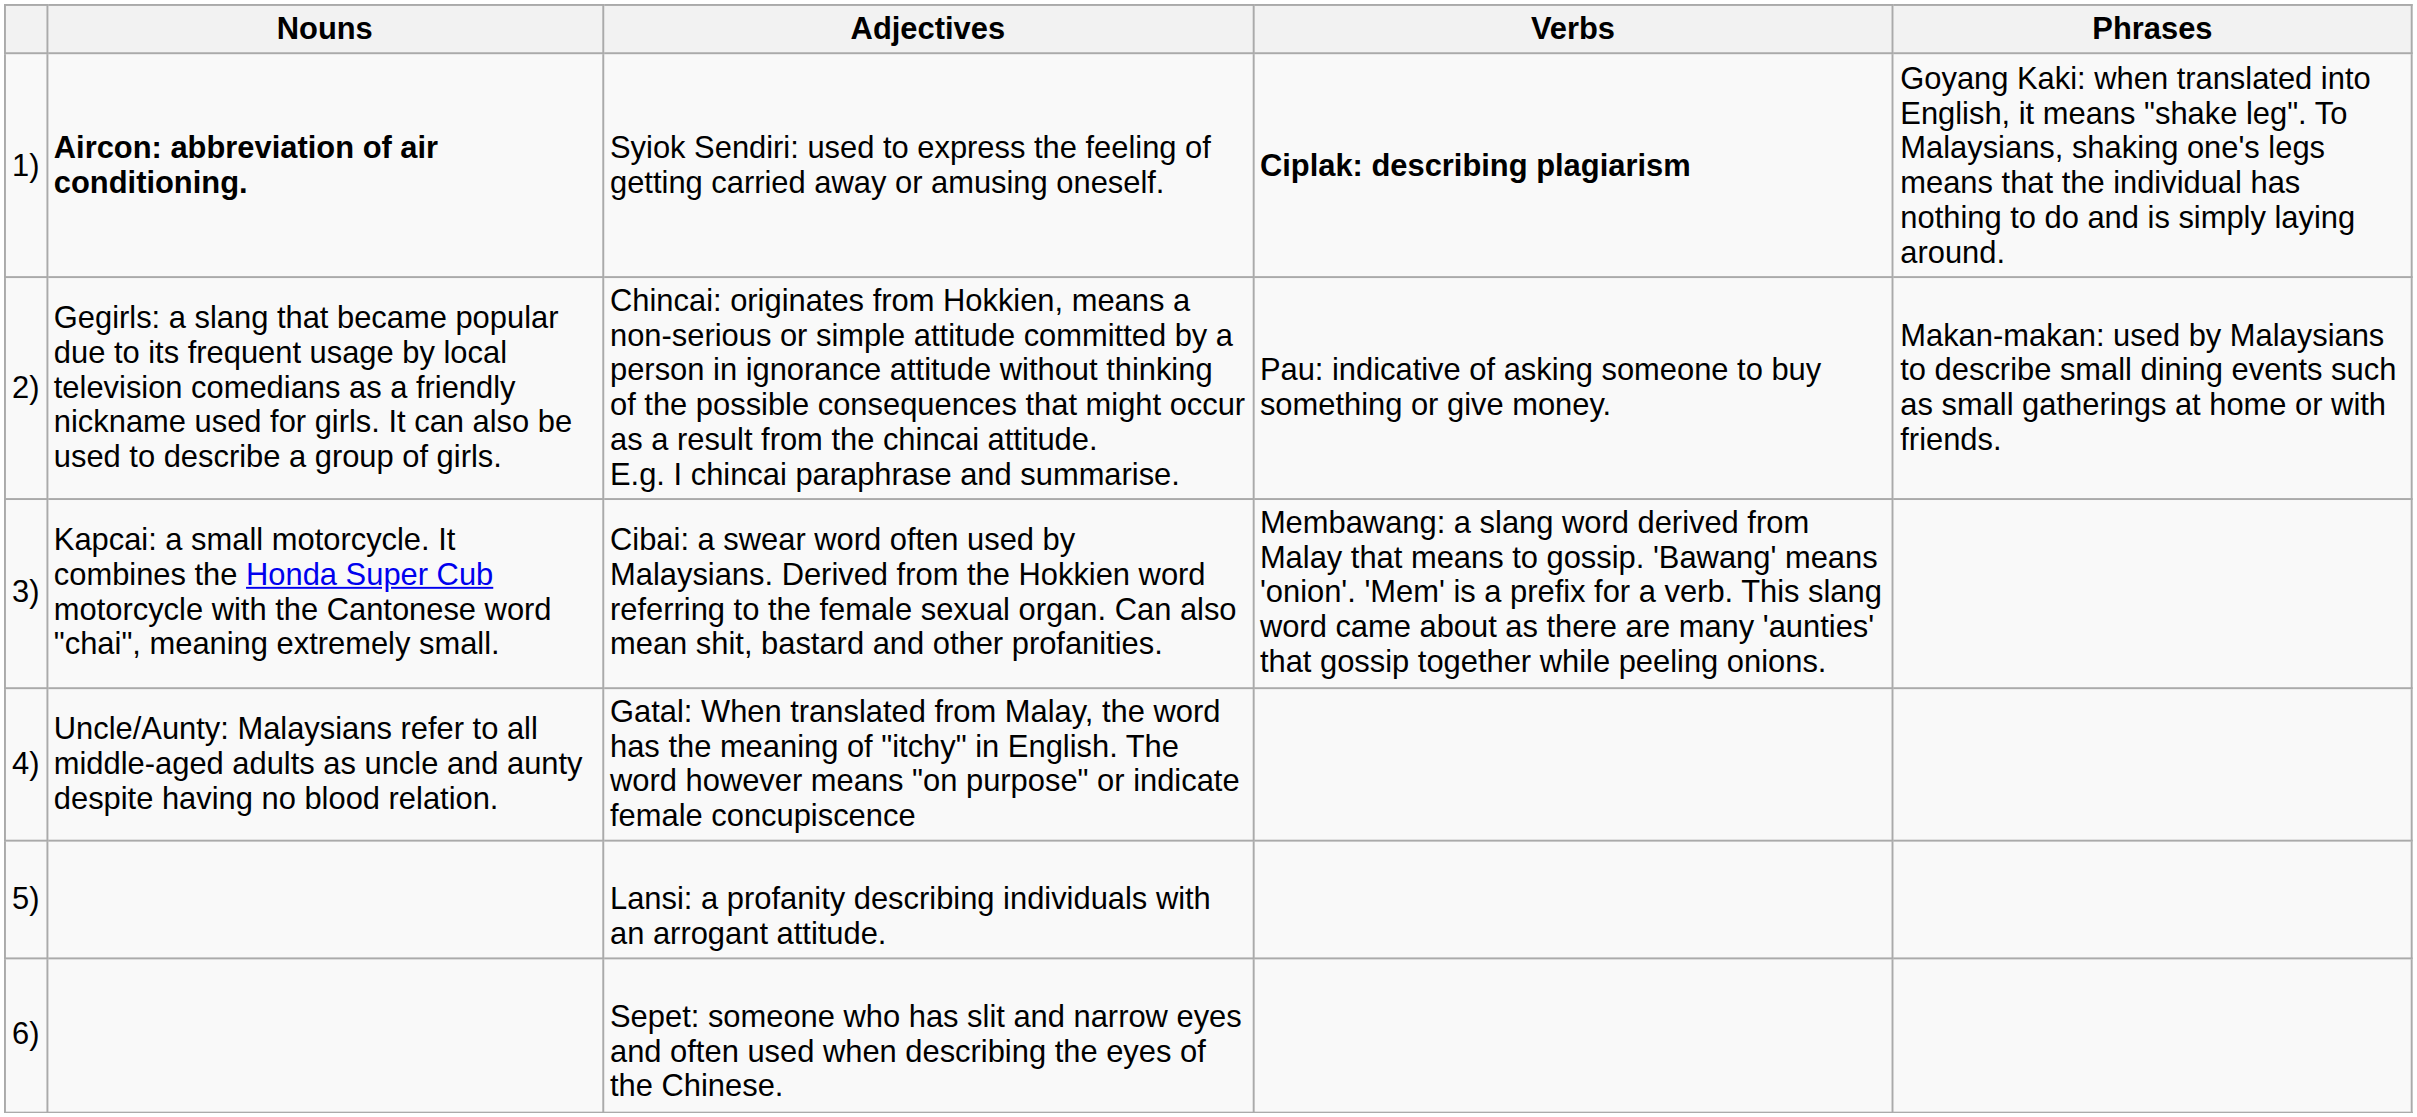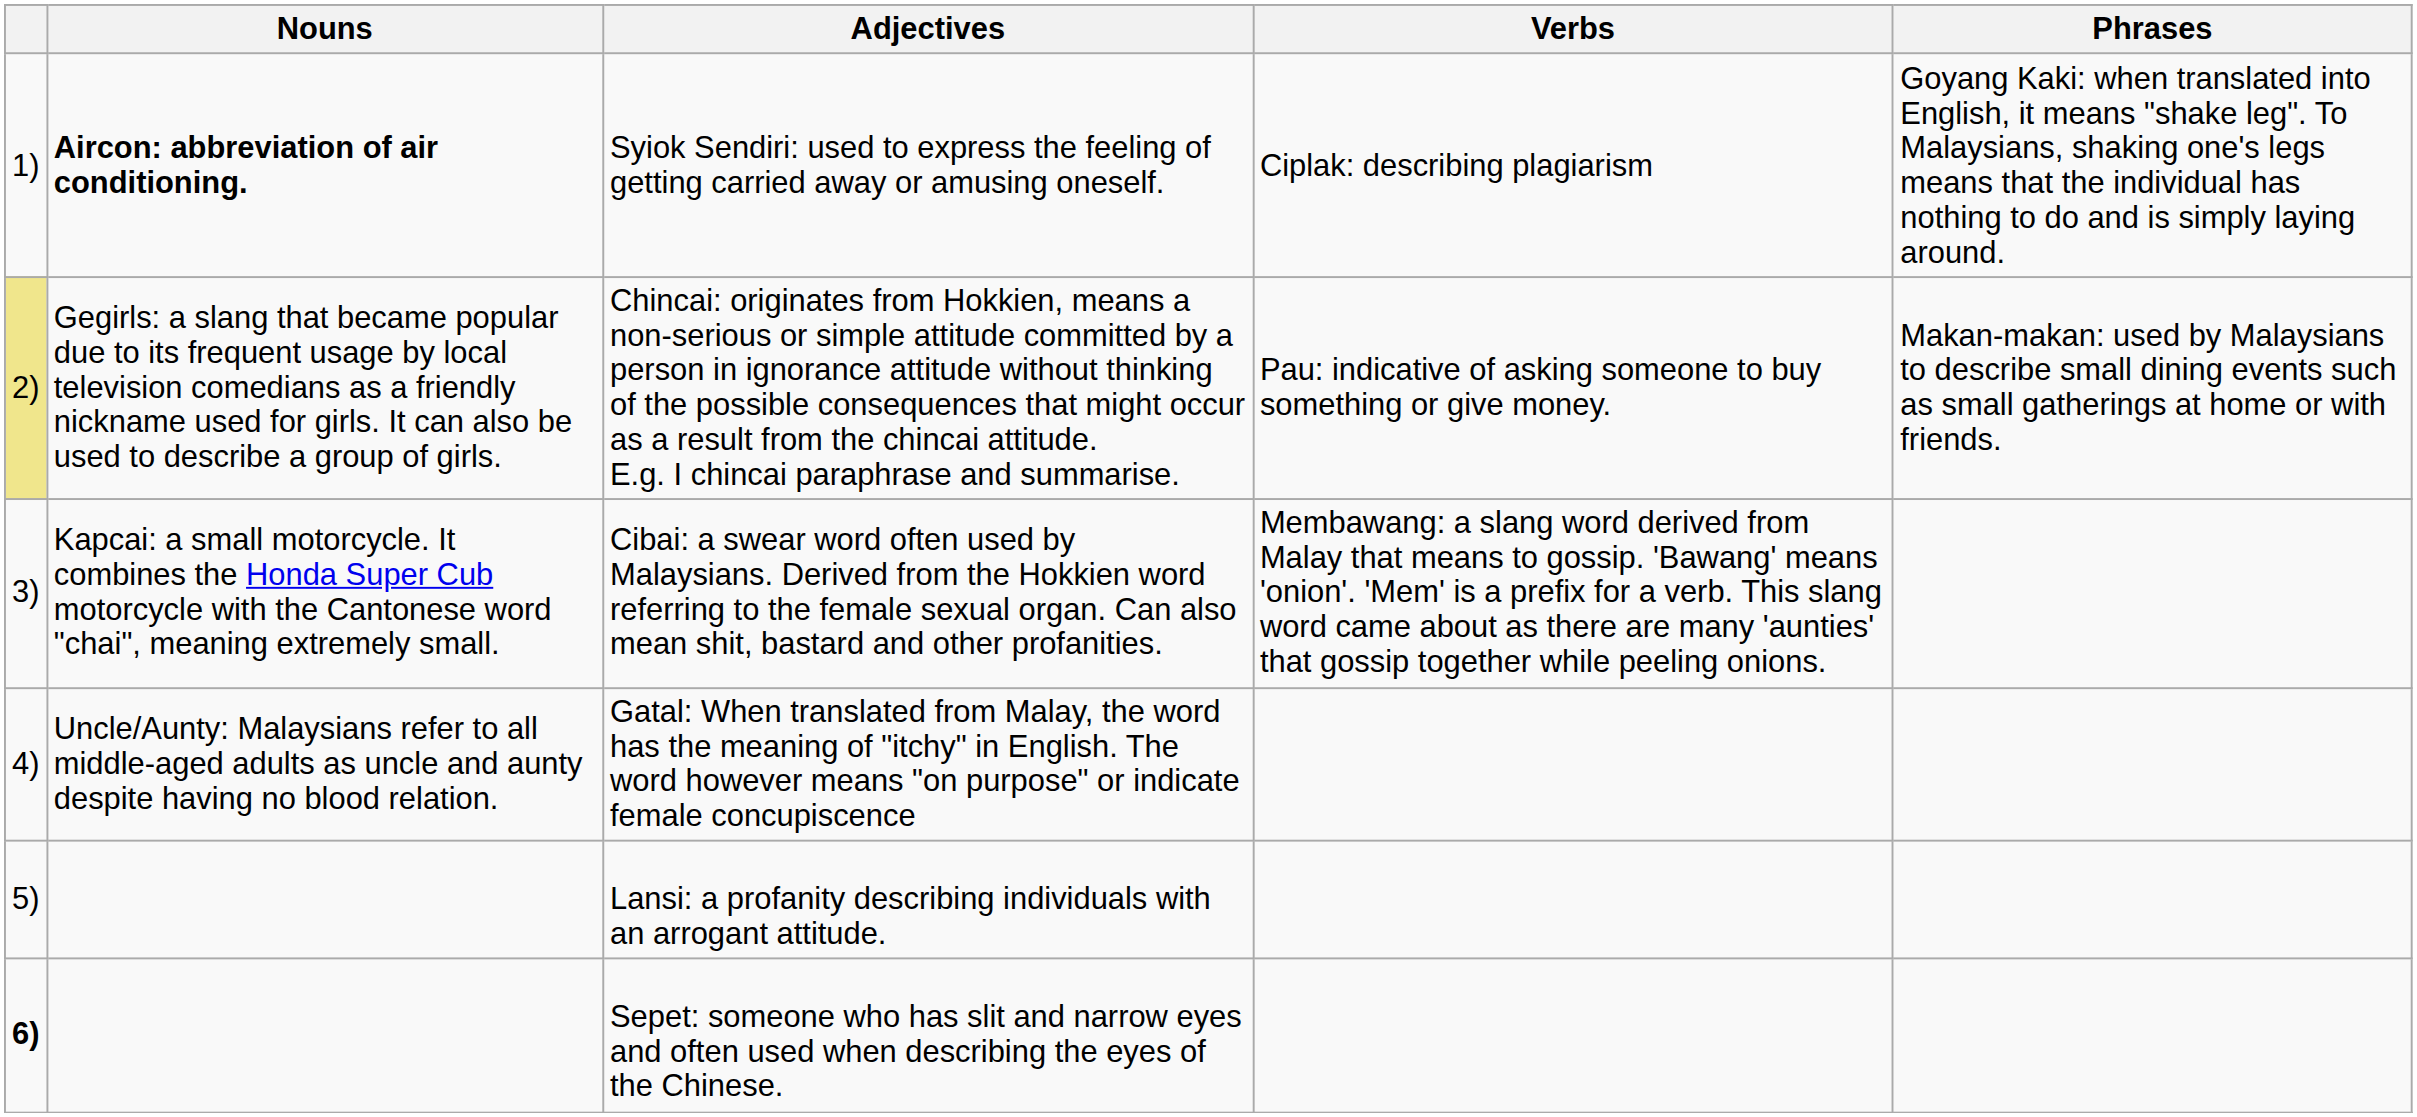 <table class="wikitable">
 <tr>
 <th></th>
 <th>Nouns</th>
 <th>Adjectives</th>
 <th>Verbs</th>
 <th>Phrases</th>
 </tr>
 <tr>
 <td>1)</td>
 <td><strong>Aircon: abbreviation of air conditioning.</strong></td>
 <td>Syiok Sendiri: used to express the feeling of getting carried away or amusing oneself.</td>
-<td><strong>Ciplak: describing plagiarism</strong></td>
+<td>Ciplak: describing plagiarism</td>
 <td>Goyang Kaki: when translated into English, it means "shake leg". To Malaysians, shaking one's legs means that the individual has nothing to do and is simply laying around.</td>
 </tr>
 <tr>
-<td>2)</td>
+<td style="background: khaki;">2)</td>
 <td>Gegirls: a slang that became popular due to its frequent usage by local television comedians as a friendly nickname used for girls. It can also be used to describe a group of girls.</td>
 <td>Chincai: originates from Hokkien, means a non-serious or simple attitude committed by a person in ignorance attitude without thinking of the possible consequences that might occur as a result from the chincai attitude.<br>E.g. I chincai paraphrase and summarise.</td>
 <td>Pau: indicative of asking someone to buy something or give money.</td>
 <td>Makan-makan: used by Malaysians to describe small dining events such as small gatherings at home or with friends.</td>
 </tr>
 <tr>
 <td>3)</td>
 <td>Kapcai: a small motorcycle. It combines the <a href='#'>Honda Super Cub</a> motorcycle with the Cantonese word "chai", meaning extremely small.</td>
 <td>Cibai: a swear word often used by Malaysians. Derived from the Hokkien word referring to the female sexual organ. Can also mean shit, bastard and other profanities.</td>
 <td>Membawang: a slang word derived from Malay that means to gossip. 'Bawang' means 'onion'. 'Mem' is a prefix for a verb. This slang word came about as there are many 'aunties' that gossip together while peeling onions.</td>
 <td></td>
 </tr>
 <tr>
 <td>4)</td>
 <td>Uncle/Aunty: Malaysians refer to all middle-aged adults as uncle and aunty despite having no blood relation.</td>
 <td>Gatal: When translated from Malay, the word has the meaning of "itchy" in English. The word however means "on purpose" or indicate female concupiscence</td>
 <td></td>
 <td></td>
 </tr>
 <tr>
 <td>5)</td>
 <td></td>
 <td><br>Lansi: a profanity describing individuals with an arrogant attitude.</td>
 <td></td>
 <td></td>
 </tr>
 <tr>
-<td>6)</td>
+<td><strong>6)</strong></td>
 <td></td>
 <td><br>Sepet: someone who has slit and narrow eyes and often used when describing the eyes of the Chinese.</td>
 <td></td>
 <td></td>
 </tr>
 <tr>
 </tr>
 </table>
